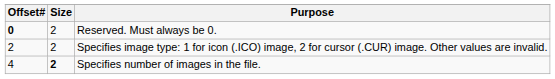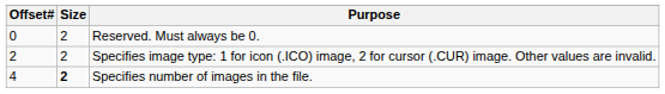 <table class="wikitable" style="margin: 1em auto">
 <tr>
 </tr>
 <tr>
 <th>Offset#</th>
 <th>Size</th>
 <th>Purpose</th>
 </tr>
 <tr>
-<td><strong>0</strong></td>
+<td>0</td>
 <td>2</td>
 <td>Reserved. Must always be 0.</td>
 </tr>
 <tr>
 <td>2</td>
 <td>2</td>
 <td>Specifies image type: 1 for icon (.ICO) image, 2 for cursor (.CUR) image. Other values are invalid.</td>
 </tr>
 <tr>
 <td>4</td>
 <td><strong>2</strong></td>
 <td>Specifies number of images in the file.</td>
 </tr>
 </table>
